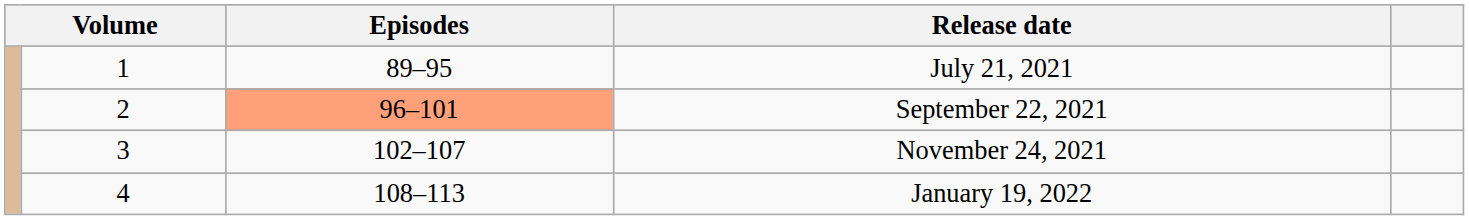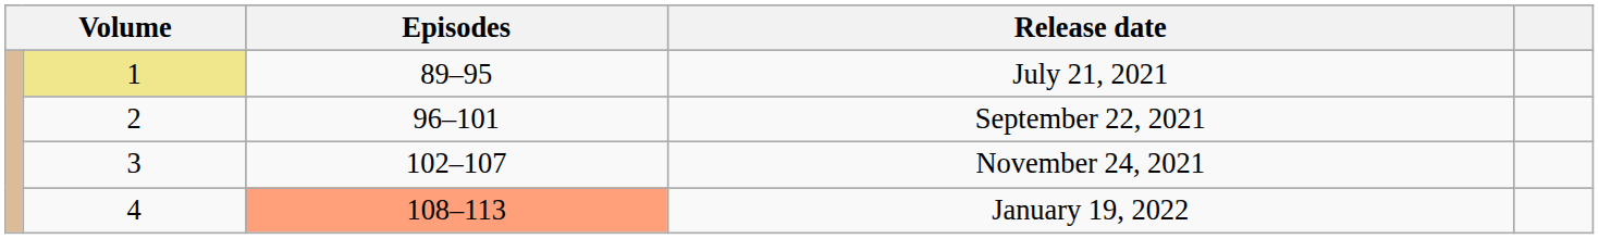 <table class="wikitable" style="text-align:center; width: 70%;">
 <tr>
 <th colspan="2" width="15%">Volume</th>
 <th>Episodes</th>
 <th>Release date</th>
 <th width="5%"></th>
 </tr>
 <tr>
 <td rowspan="4" width="1%" style="background: #DDBB97"></td>
-<td>1</td>
+<td style="background: khaki;">1</td>
 <td>89–95</td>
 <td>July 21, 2021</td>
 <td></td>
 </tr>
 <tr>
 <td>2</td>
-<td style="background: lightsalmon;">96–101</td>
+<td>96–101</td>
 <td>September 22, 2021</td>
 <td></td>
 </tr>
 <tr>
 <td>3</td>
 <td>102–107</td>
 <td>November 24, 2021</td>
 <td></td>
 </tr>
 <tr>
 <td>4</td>
-<td>108–113</td>
+<td style="background: lightsalmon;">108–113</td>
 <td>January 19, 2022</td>
 <td></td>
 </tr>
 </table>
